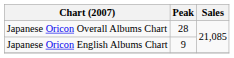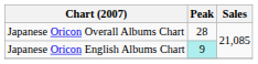 <table class="wikitable sortable">
 <tr>
 <th align="left">Chart (2007)</th>
 <th align="left">Peak</th>
 <th align="left">Sales</th>
 </tr>
 <tr>
 <td align="left">Japanese <a href='#'>Oricon</a> Overall Albums Chart</td>
 <td align="center">28</td>
 <td align="left" rowspan="2">21,085</td>
 </tr>
 <tr>
 <td align="left">Japanese <a href='#'>Oricon</a> English Albums Chart</td>
-<td align="center">9</td>
+<td align="center" style="background: paleturquoise;">9</td>
 </tr>
 <tr>
 </tr>
 </table>
